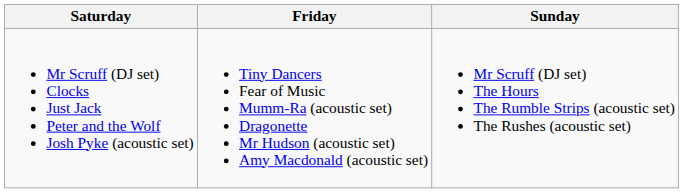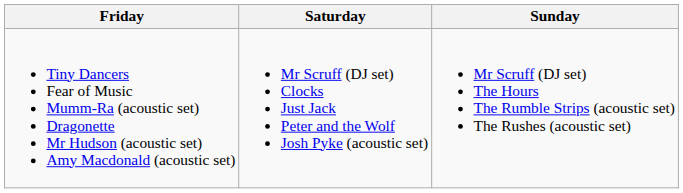 <table class="wikitable">
 <tr>
+<th>Friday</th>
 <th>Saturday</th>
-<th>Friday</th>
 <th>Sunday</th>
 </tr>
 <tr valign="top">
+<td><br><ul><li><a href='#'>Tiny Dancers</a></li><li>Fear of Music</li><li><a href='#'>Mumm-Ra</a> (acoustic set)</li><li><a href='#'>Dragonette</a></li><li><a href='#'>Mr Hudson</a> (acoustic set)</li><li><a href='#'>Amy Macdonald</a> (acoustic set)</li></ul></td>
 <td><br><ul><li><a href='#'>Mr Scruff</a> (DJ set)</li><li><a href='#'>Clocks</a></li><li><a href='#'>Just Jack</a></li><li><a href='#'>Peter and the Wolf</a></li><li><a href='#'>Josh Pyke</a> (acoustic set)</li></ul></td>
-<td><br><ul><li><a href='#'>Tiny Dancers</a></li><li>Fear of Music</li><li><a href='#'>Mumm-Ra</a> (acoustic set)</li><li><a href='#'>Dragonette</a></li><li><a href='#'>Mr Hudson</a> (acoustic set)</li><li><a href='#'>Amy Macdonald</a> (acoustic set)</li></ul></td>
 <td><br><ul><li><a href='#'>Mr Scruff</a> (DJ set)</li><li><a href='#'>The Hours</a></li><li><a href='#'>The Rumble Strips</a> (acoustic set)</li><li>The Rushes (acoustic set)</li></ul></td>
 </tr>
 </table>
